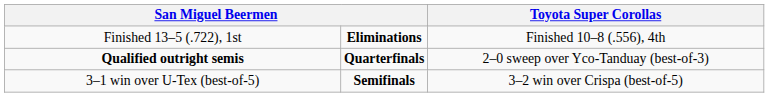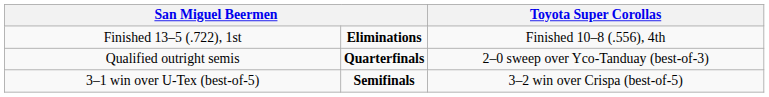 <table class=wikitable width=100%>
 <tr align=center>
 <th colspan=2 width=45%><a href='#'>San Miguel Beermen</a></th>
 <th colspan=2 width=45%><a href='#'>Toyota Super Corollas</a></th>
 </tr>
 <tr align=center>
 <td>Finished 13–5 (.722), 1st</td>
 <td colspan=2><strong>Eliminations</strong></td>
 <td>Finished 10–8 (.556), 4th</td>
 </tr>
 <tr align=center>
-<td><strong>Qualified outright semis</strong></td>
+<td>Qualified outright semis</td>
 <td colspan=2><strong>Quarterfinals</strong></td>
 <td>2–0 sweep over Yco-Tanduay (best-of-3)</td>
 </tr>
 <tr align=center>
 <td rowspan=2 width=45%>3–1 win over U-Tex (best-of-5)</td>
 <td colspan=2><strong>Semifinals</strong></td>
 <td>3–2 win over Crispa (best-of-5)</td>
 </tr>
 </table>
